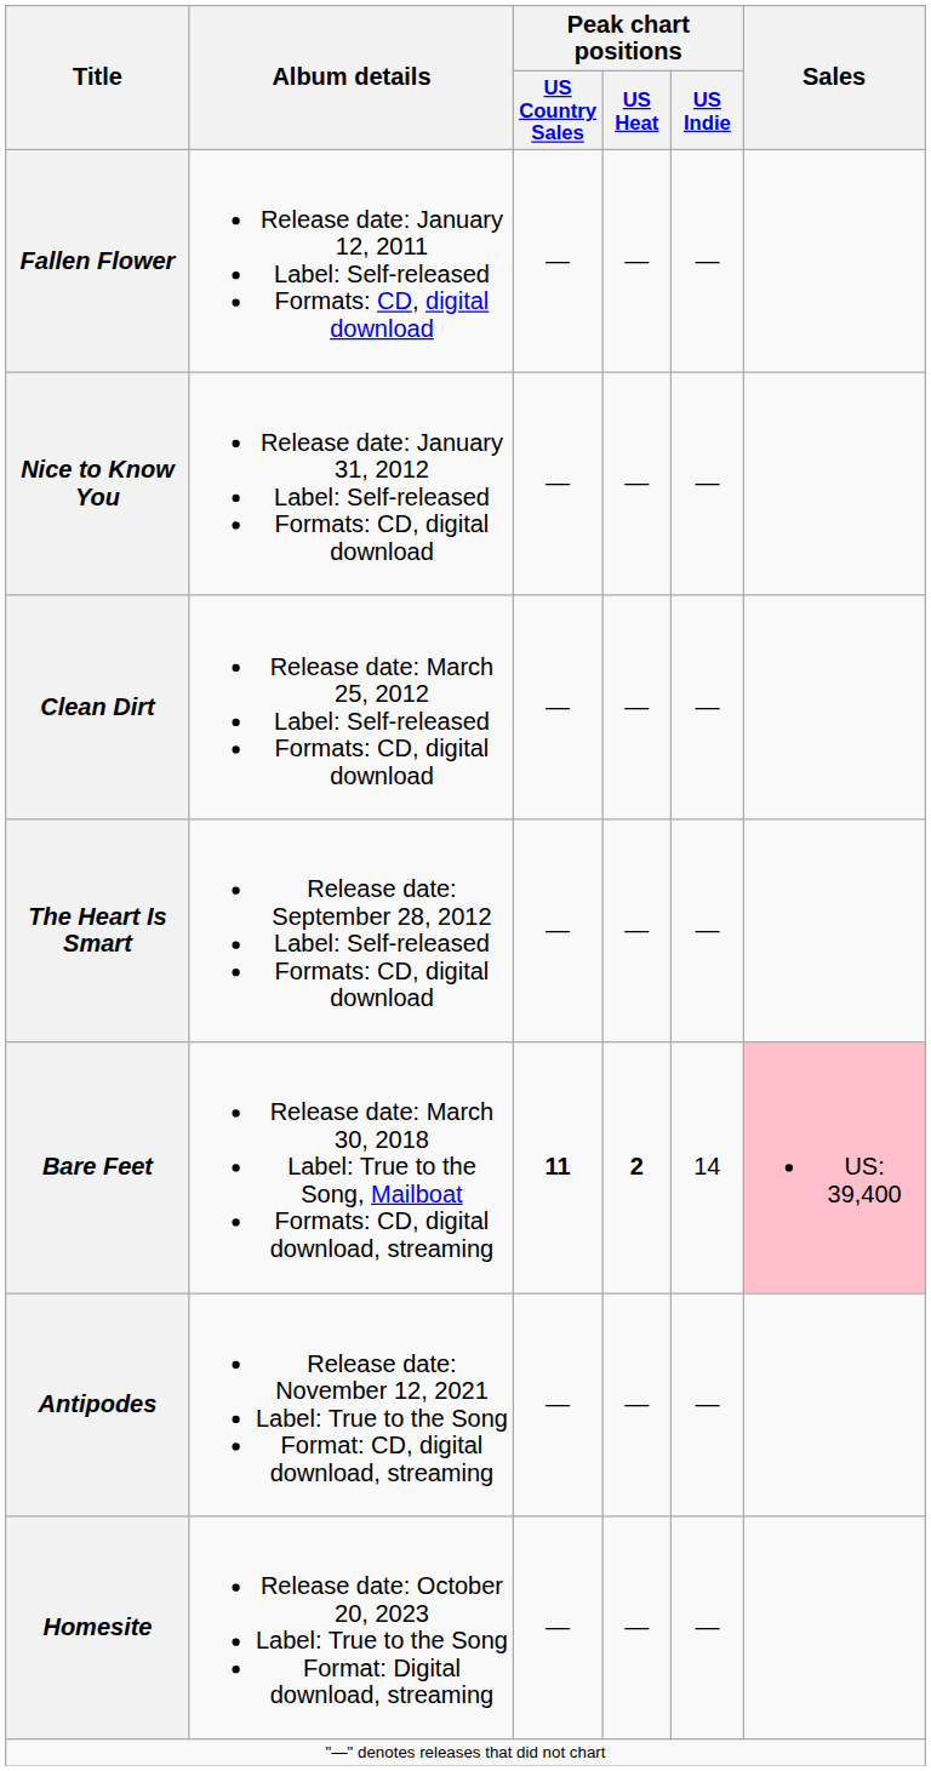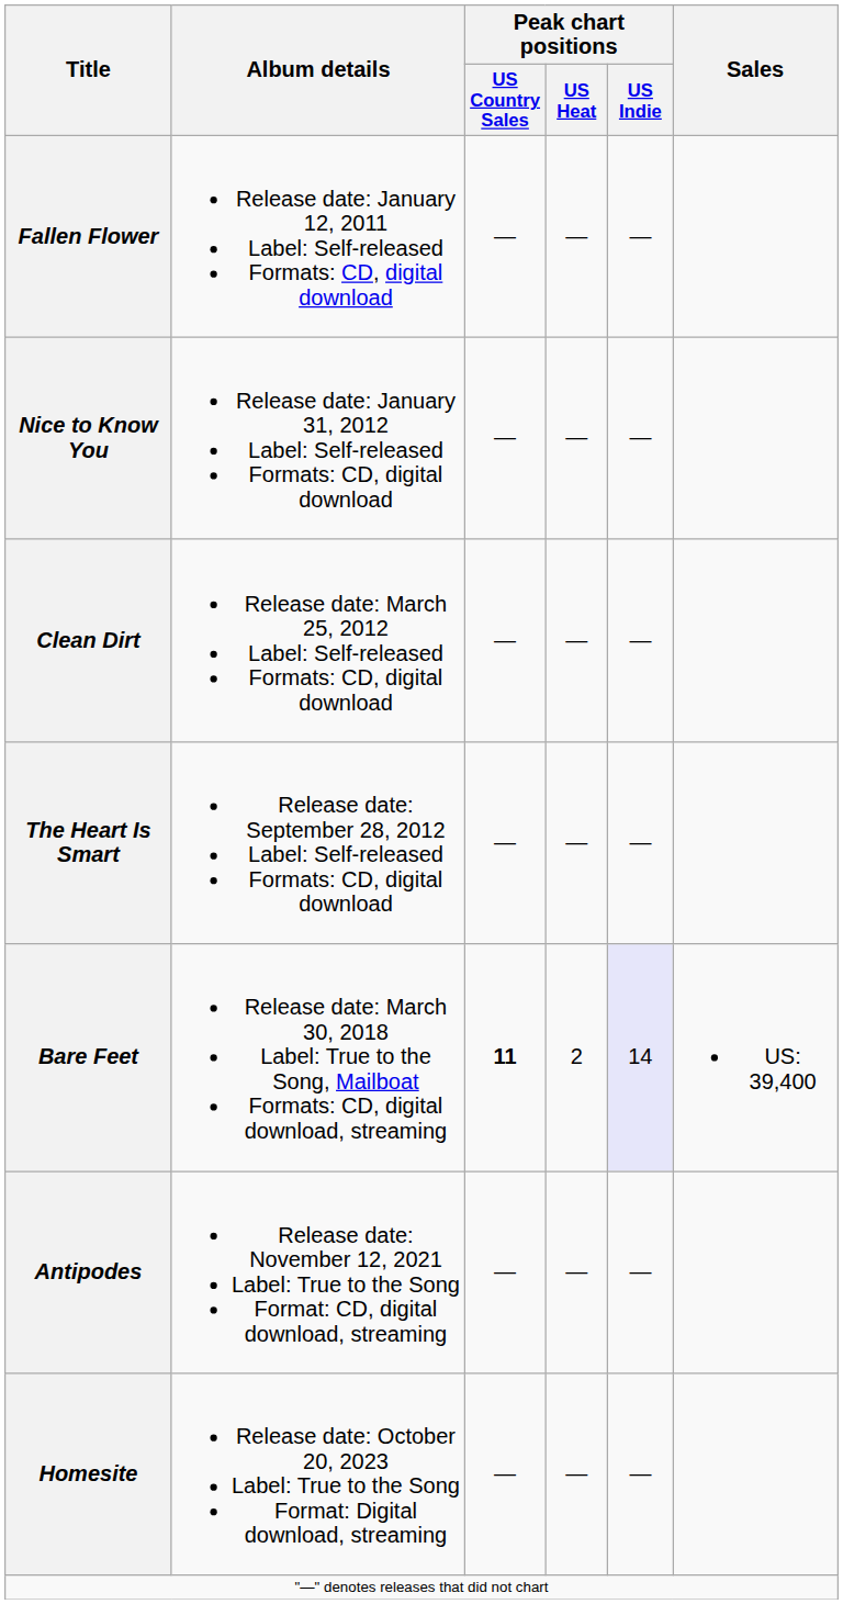 <table class="wikitable plainrowheaders" style="text-align:center;">
 <tr>
 <th rowspan="2" style="width:10em;">Title</th>
 <th rowspan="2" style="width:20em;">Album details</th>
 <th colspan="3">Peak chart positions</th>
 <th rowspan="2" style="width:9em;">Sales</th>
 </tr>
 <tr style="font-size:smaller;">
 <th style="width:4em;"><a href='#'>US <br>Country<br>Sales</a><br></th>
 <th style="width:4em;"><a href='#'>US <br> Heat</a><br></th>
 <th style="width:4em;"><a href='#'>US <br>Indie</a><br></th>
 </tr>
 <tr>
 <th scope="row"><em>Fallen Flower</em></th>
 <td><br><ul><li>Release date: January 12, 2011</li><li>Label: Self-released</li><li>Formats: <a href='#'>CD</a>, <a href='#'>digital download</a></li></ul></td>
 <td>—</td>
 <td>—</td>
 <td>—</td>
 <td></td>
 </tr>
 <tr>
 <th scope="row"><em> Nice to Know You</em></th>
 <td><br><ul><li>Release date: January 31, 2012</li><li>Label: Self-released</li><li>Formats: CD, digital download</li></ul></td>
 <td>—</td>
 <td>—</td>
 <td>—</td>
 <td></td>
 </tr>
 <tr>
 <th scope="row"><em>Clean Dirt</em></th>
 <td><br><ul><li>Release date: March 25, 2012</li><li>Label: Self-released</li><li>Formats: CD, digital download</li></ul></td>
 <td>—</td>
 <td>—</td>
 <td>—</td>
 <td></td>
 </tr>
 <tr>
 <th scope="row"><em>The Heart Is Smart</em></th>
 <td><br><ul><li>Release date: September 28, 2012</li><li>Label: Self-released</li><li>Formats: CD, digital download</li></ul></td>
 <td>—</td>
 <td>—</td>
 <td>—</td>
 <td></td>
 </tr>
 <tr>
 <th scope="row"><em>Bare Feet</em></th>
 <td><br><ul><li>Release date: March 30, 2018</li><li>Label: True to the Song, <a href='#'>Mailboat</a></li><li>Formats: CD, digital download, streaming</li></ul></td>
 <td><strong>11</strong></td>
-<td><strong>2</strong></td>
-<td>14</td>
-<td style="background: pink;"><br><ul><li>US: 39,400</li></ul></td>
+<td>2</td>
+<td style="background: lavender;">14</td>
+<td><br><ul><li>US: 39,400</li></ul></td>
 </tr>
 <tr>
 <th scope="row"><em>Antipodes</em></th>
 <td><br><ul><li>Release date: November 12, 2021</li><li>Label: True to the Song</li><li>Format: CD, digital download, streaming</li></ul></td>
 <td>—</td>
 <td>—</td>
 <td>—</td>
 <td></td>
 </tr>
 <tr>
 <th scope="row"><em>Homesite</em></th>
 <td><br><ul><li>Release date: October 20, 2023</li><li>Label: True to the Song</li><li>Format: Digital download, streaming</li></ul></td>
 <td>—</td>
 <td>—</td>
 <td>—</td>
 <td></td>
 </tr>
 <tr>
 <td colspan="8" style="font-size:8pt">"—" denotes releases that did not chart</td>
 </tr>
 </table>
